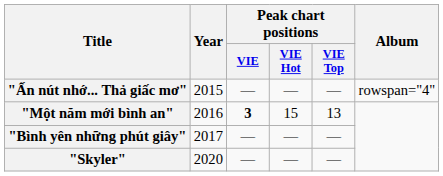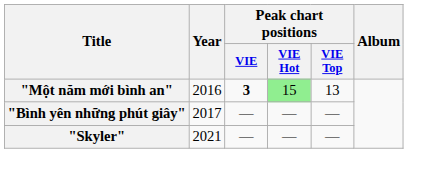 <table class="wikitable plainrowheaders" style="text-align:center">
 <tr>
 <th scope="col" rowspan="2">Title</th>
 <th scope="col" rowspan="2">Year</th>
 <th colspan="3">Peak chart positions</th>
 <th scope="col" rowspan="2">Album</th>
 </tr>
 <tr>
 <th scope="col" style="width:3em;font-size:85%"><a href='#'>VIE</a><br></th>
 <th scope="col" style="width:3em;font-size:85%"><a href='#'>VIE<br>Hot</a><br></th>
 <th scope="col" style="width:3em;font-size:85%"><a href='#'>VIE<br>Top</a><br></th>
 </tr>
 <tr>
-<th scope="row">"Ấn nút nhớ... Thả giấc mơ"</th>
-<td>2015</td>
-<td>—</td>
-<td>—</td>
-<td>—</td>
-<td>rowspan="4" </td>
-</tr>
-<tr>
 <th scope="row">"Một năm mới bình an"</th>
 <td>2016</td>
 <td><strong>3</strong></td>
-<td>15</td>
+<td style="background: lightgreen;">15</td>
 <td>13</td>
 </tr>
 <tr>
 <th scope="row">"Bình yên những phút giây"</th>
 <td>2017</td>
 <td>—</td>
 <td>—</td>
 <td>—</td>
 </tr>
 <tr>
 <th scope="row">"Skyler"</th>
-<td>2020</td>
+<td>2021</td>
 <td>—</td>
 <td>—</td>
 <td>—</td>
 </tr>
 </table>
